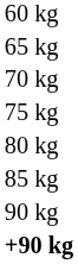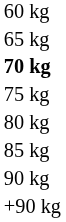 <table>
 <tr>
 <td>60 kg<br></td>
 <td></td>
 <td></td>
 <td></td>
 </tr>
 <tr>
 <td>65 kg<br></td>
 <td></td>
 <td></td>
 <td></td>
 </tr>
 <tr>
-<td>70 kg<br></td>
+<td><strong>70 kg<br></strong></td>
 <td></td>
 <td></td>
 <td></td>
 </tr>
 <tr>
 <td>75 kg<br></td>
 <td></td>
 <td></td>
 <td></td>
 </tr>
 <tr>
 <td>80 kg<br></td>
 <td></td>
 <td></td>
 <td></td>
 </tr>
 <tr>
 <td>85 kg<br></td>
 <td></td>
 <td></td>
 <td></td>
 </tr>
 <tr>
 <td>90 kg<br></td>
 <td></td>
 <td></td>
 <td></td>
 </tr>
 <tr>
-<td><strong>+90 kg<br></strong></td>
+<td>+90 kg<br></td>
 <td></td>
 <td></td>
 <td></td>
 </tr>
 </table>
